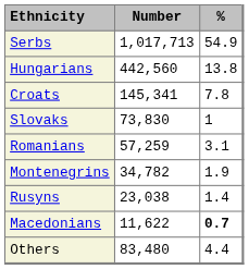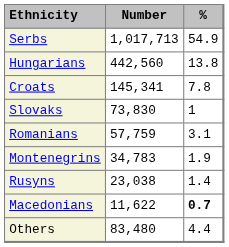 <table border=1 cellpadding=4 cellspacing=0 class="toccolours" style="align: left; margin: 0.5em 0 0 0; border-style: solid; border: 1px solid #7f7f7f; border-right-width: 2px; border-bottom-width: 2px; border-collapse: collapse; font-size: 95%;">
 <tr>
 <td style="background:#c1c1c1;"><strong>Ethnicity</strong></td>
 <td colspan=1 style="background:#c1c1c1;" align="center"><strong>Number</strong></td>
 <td colspan=1 style="background:#c1c1c1;" align="center"><strong>%</strong></td>
 </tr>
 <tr>
 <td style="background:#F5F5DC;"><a href='#'>Serbs</a></td>
 <td>1,017,713</td>
 <td>54.9</td>
 </tr>
 <tr>
 <td style="background:#F5F5DC;"><a href='#'>Hungarians</a></td>
 <td>442,560</td>
 <td>13.8</td>
 </tr>
 <tr>
 <td style="background:#F5F5DC;"><a href='#'>Croats</a></td>
 <td>145,341</td>
 <td>7.8</td>
 </tr>
 <tr>
 <td style="background:#F5F5DC;"><a href='#'>Slovaks</a></td>
 <td>73,830</td>
 <td>1</td>
 </tr>
 <tr>
 <td style="background:#F5F5DC;"><a href='#'>Romanians</a></td>
-<td>57,259</td>
+<td>57,759</td>
 <td>3.1</td>
 </tr>
 <tr>
 <td style="background:#F5F5DC;"><a href='#'>Montenegrins</a></td>
-<td>34,782</td>
+<td>34,783</td>
 <td>1.9</td>
 </tr>
 <tr>
 <td style="background:#F5F5DC;"><a href='#'>Rusyns</a></td>
 <td>23,038</td>
 <td>1.4</td>
 </tr>
 <tr>
 <td style="background:#F5F5DC;"><a href='#'>Macedonians</a></td>
 <td>11,622</td>
 <td><strong>0.7</strong></td>
 </tr>
 <tr>
 <td style="background:#F5F5DC;">Others</td>
 <td>83,480</td>
 <td>4.4</td>
 </tr>
 </table>
